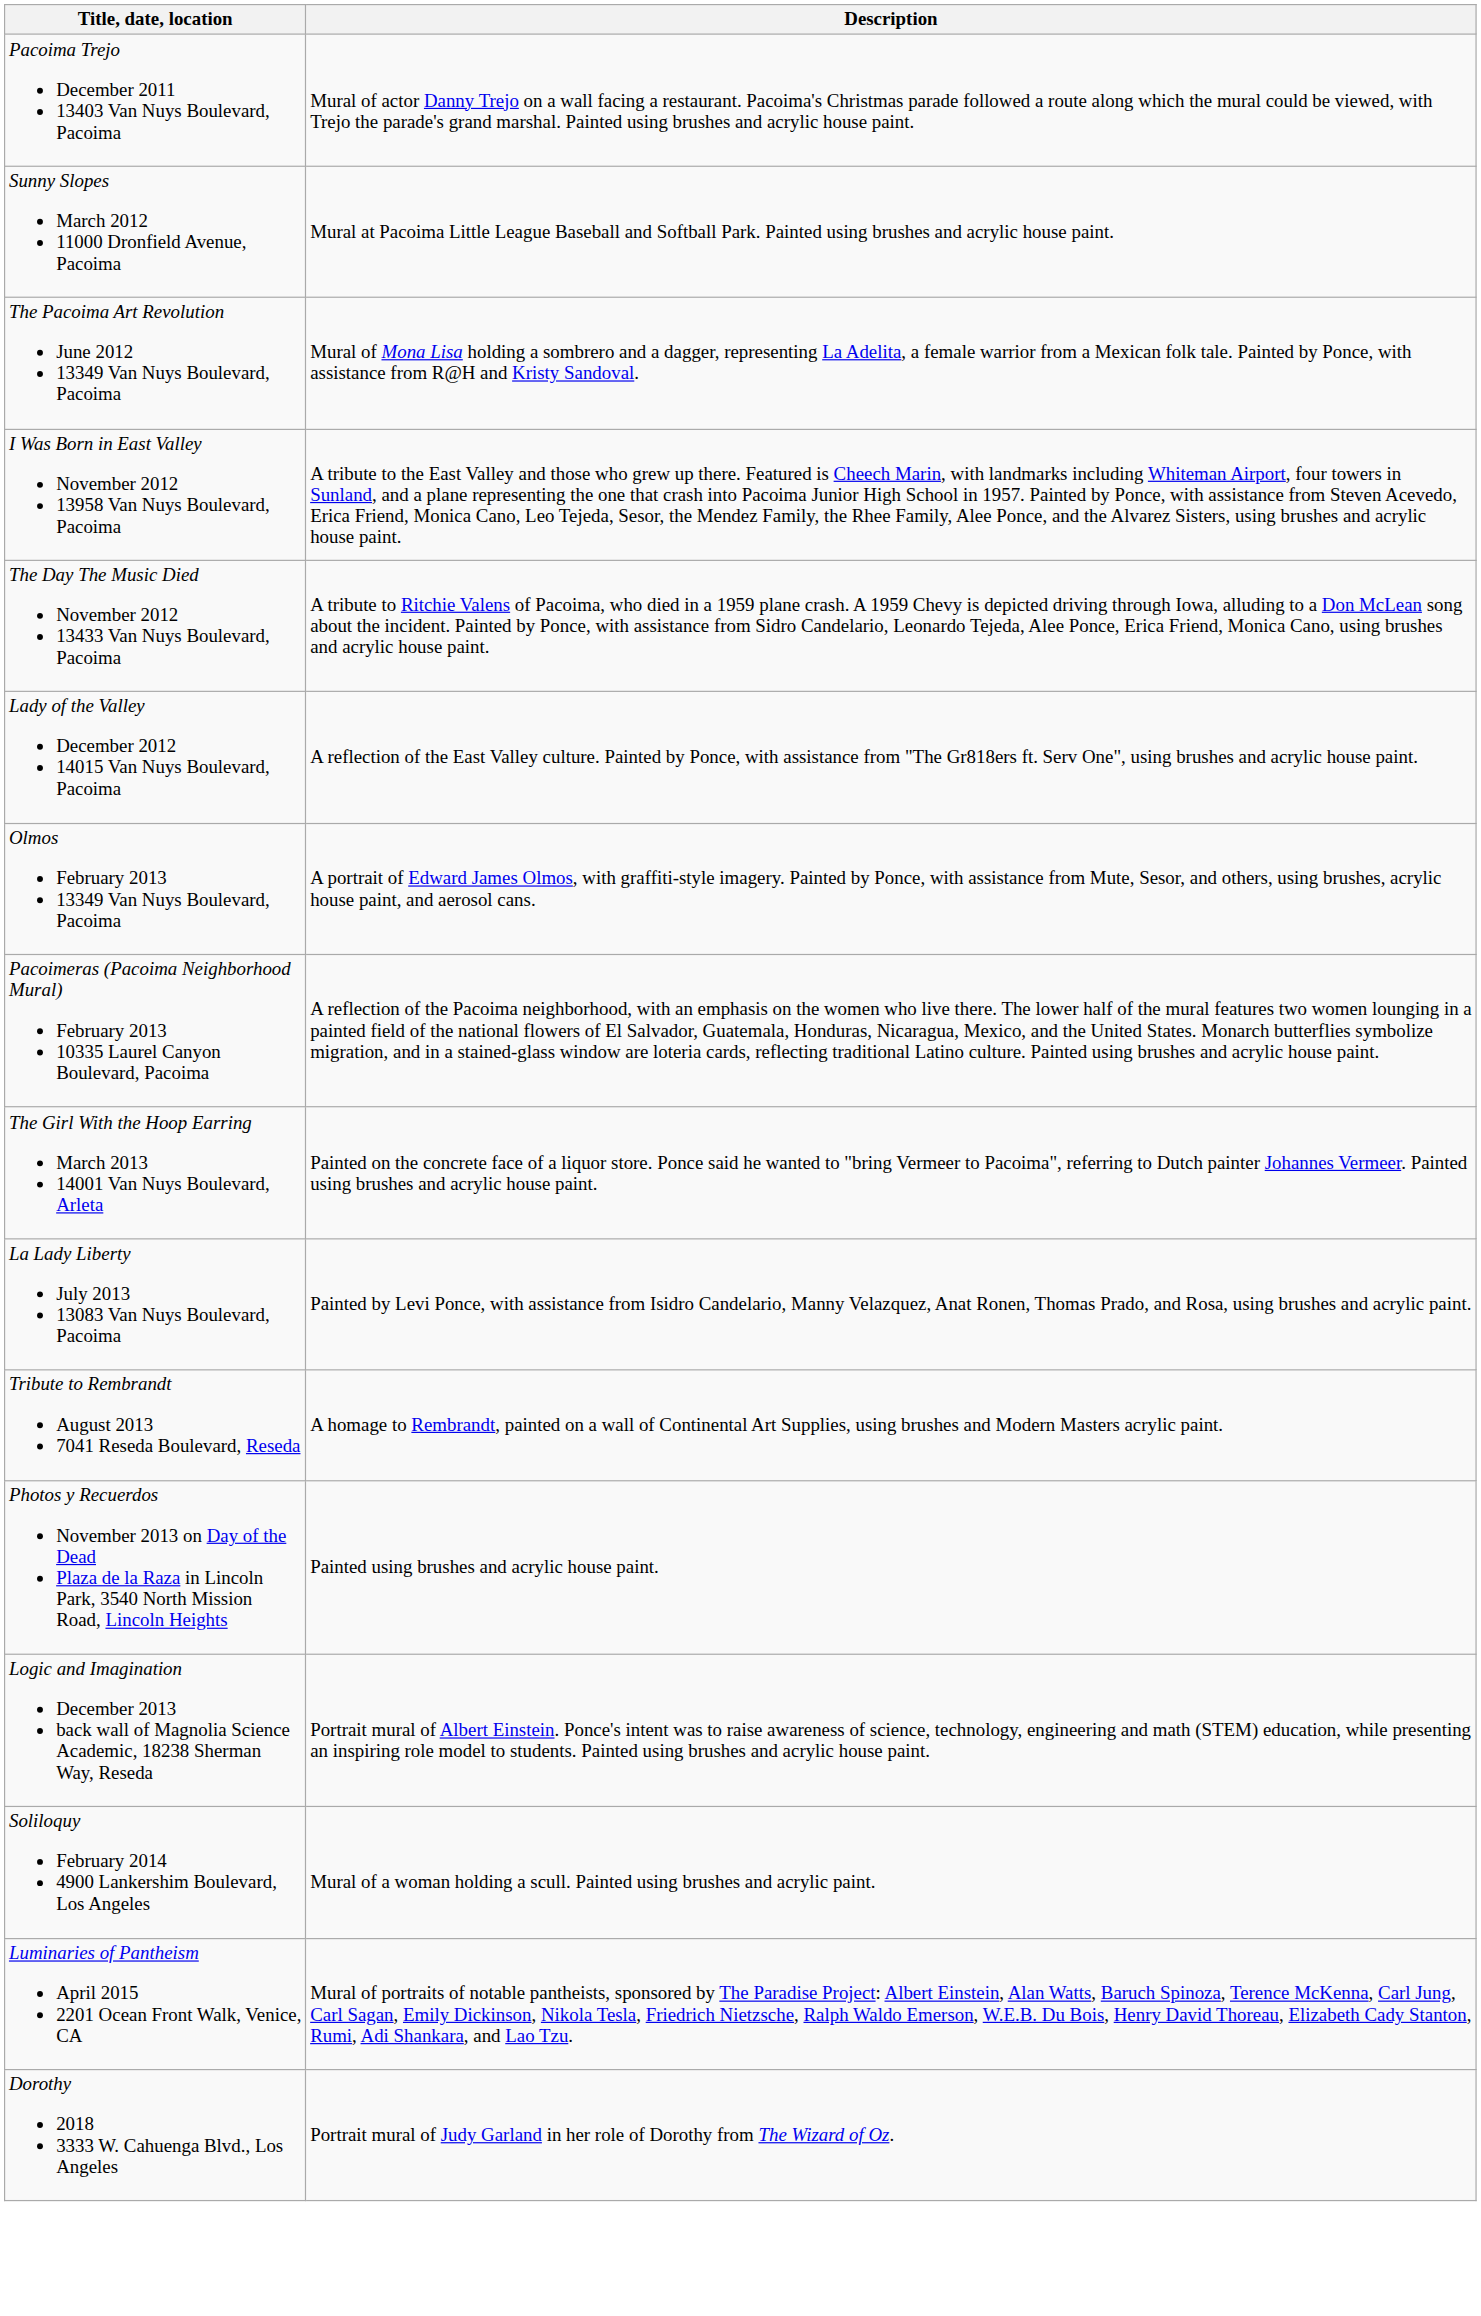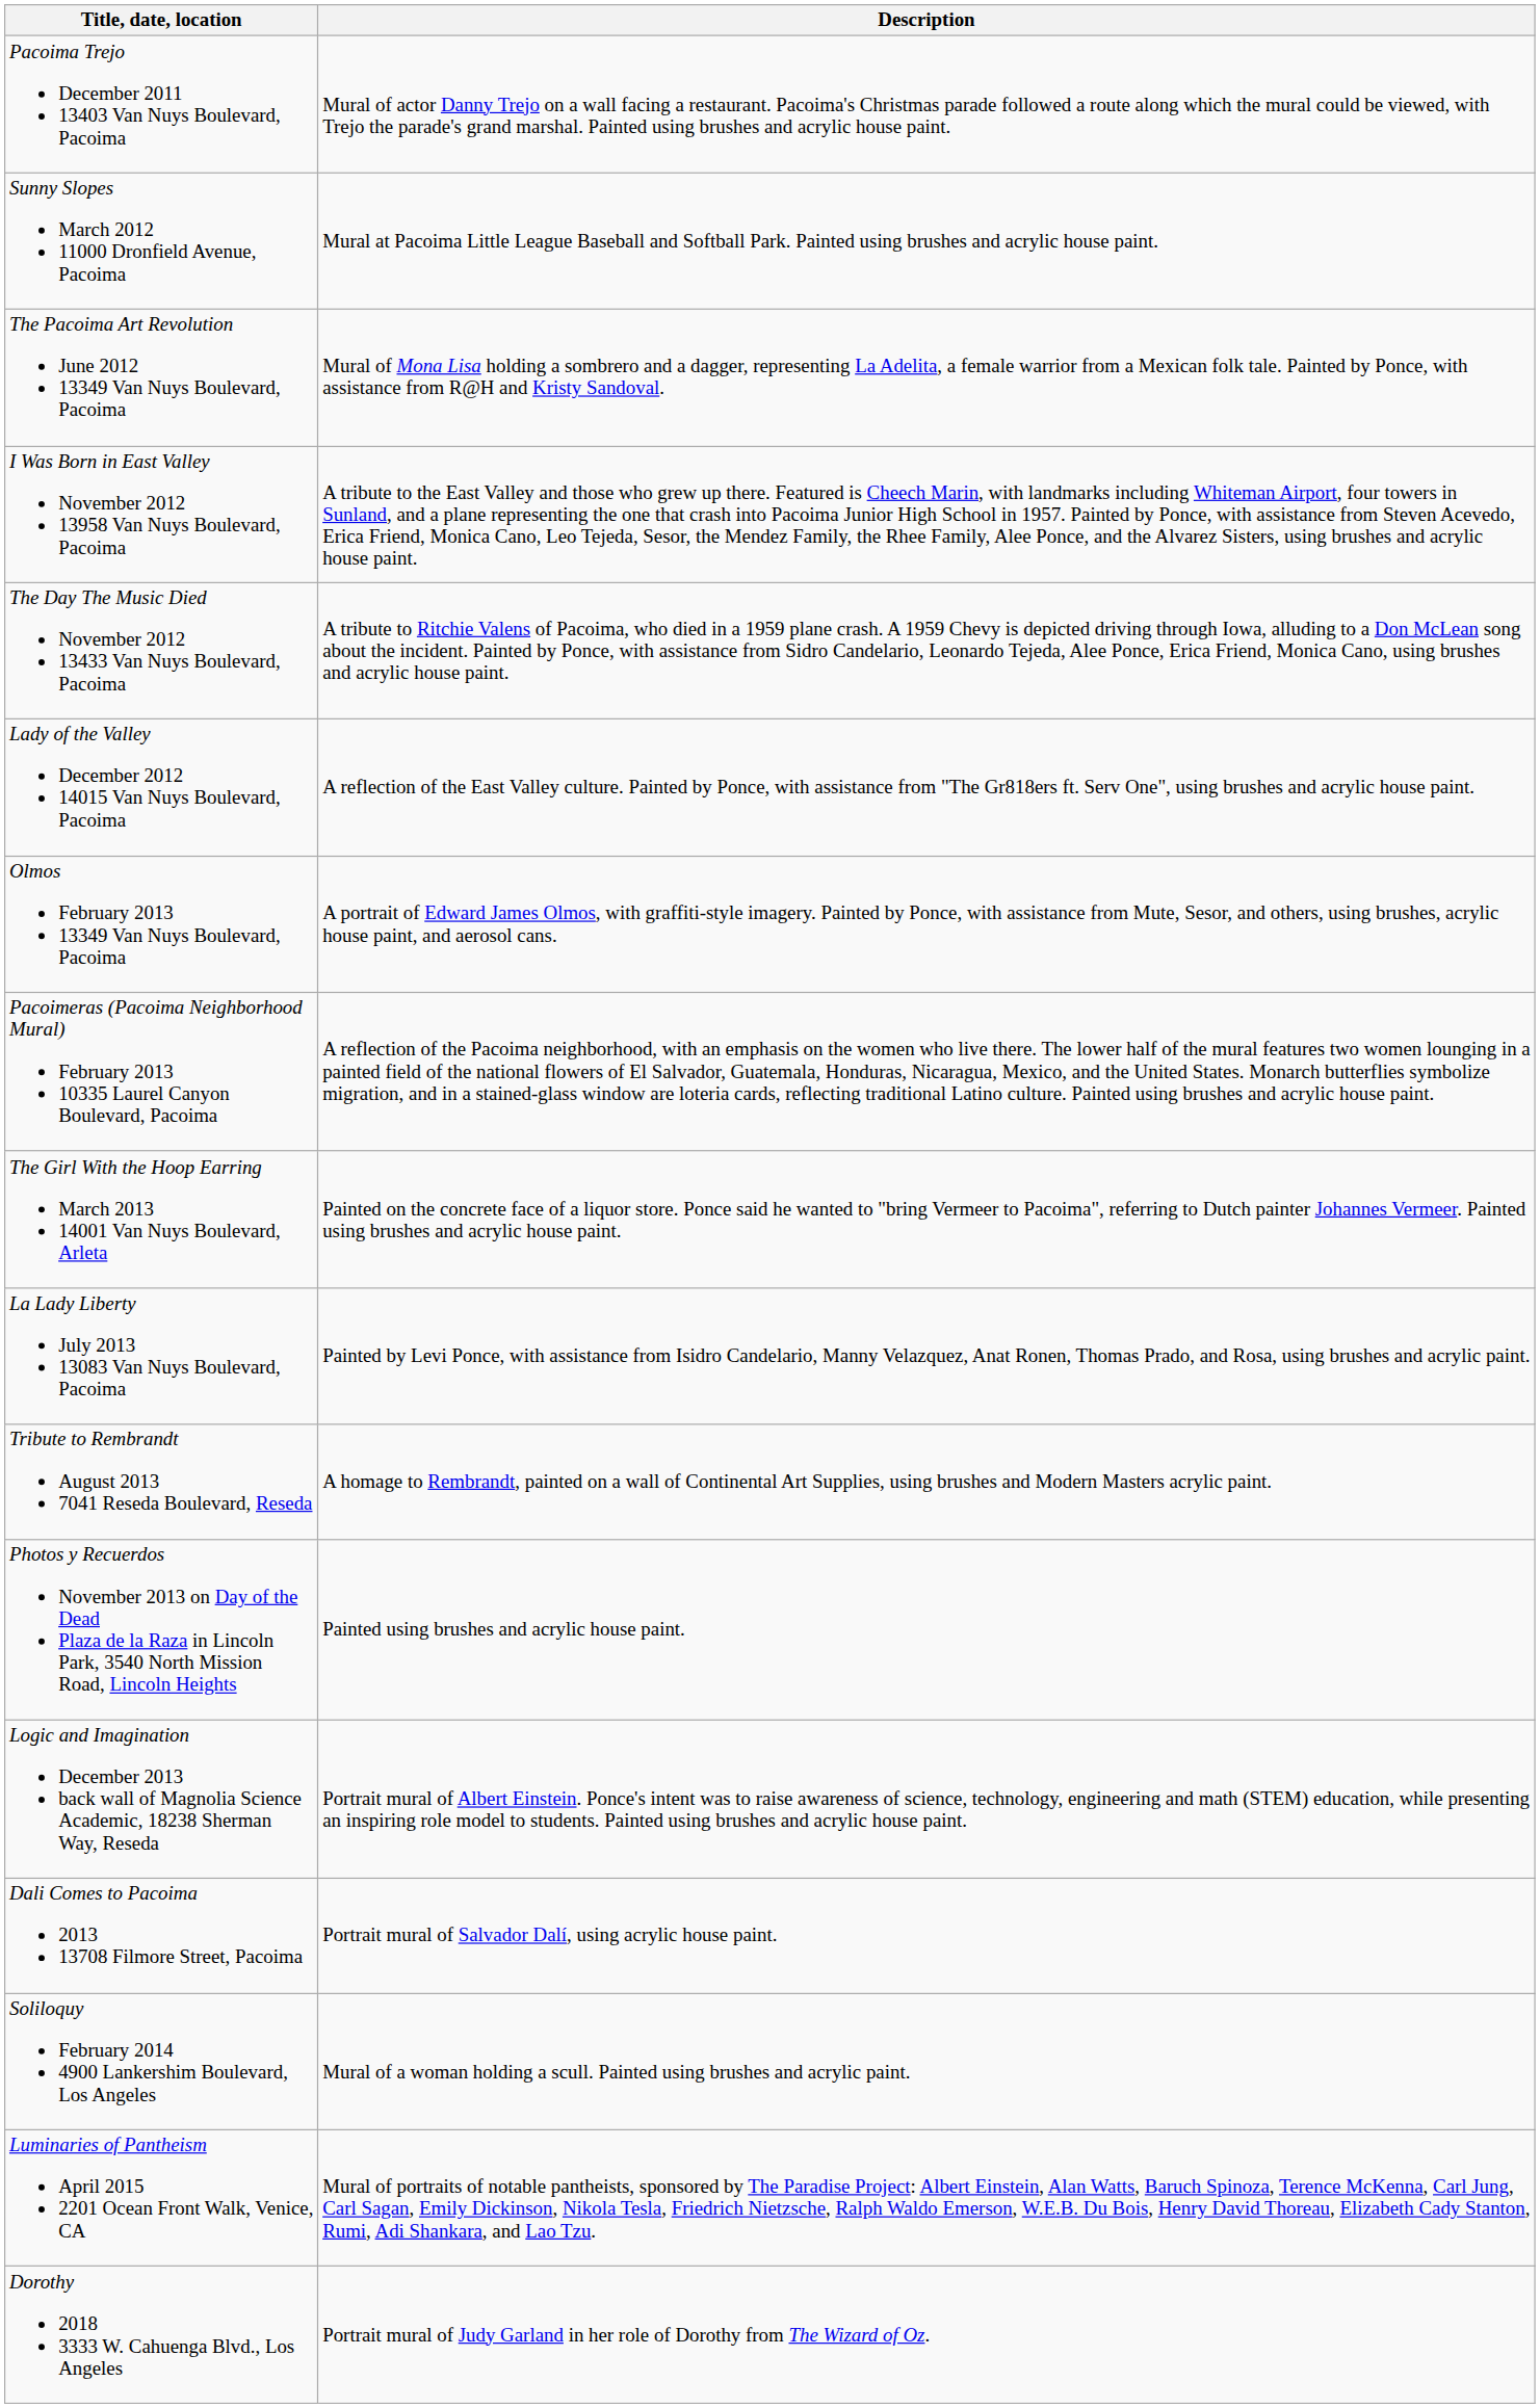 <table class="wikitable">
 <tr>
 <th>Title, date, location</th>
 <th>Description</th>
 </tr>
 <tr>
 <td><em>Pacoima Trejo</em><br><ul><li>December 2011</li><li>13403 Van Nuys Boulevard, Pacoima</li></ul></td>
 <td><br>Mural of actor <a href='#'>Danny Trejo</a> on a wall facing a restaurant.  Pacoima's Christmas parade followed a route along which the mural could be viewed, with Trejo the parade's grand marshal.  Painted using brushes and acrylic house paint.</td>
 </tr>
 <tr>
 <td><em>Sunny Slopes</em><br><ul><li>March 2012</li><li>11000 Dronfield Avenue, Pacoima</li></ul></td>
 <td>Mural at Pacoima Little League Baseball and Softball Park.  Painted using brushes and acrylic house paint.</td>
 </tr>
 <tr>
 <td><em>The Pacoima Art Revolution</em><br><ul><li>June 2012</li><li>13349 Van Nuys Boulevard, Pacoima</li></ul></td>
 <td>Mural of <em><a href='#'>Mona Lisa</a></em> holding a sombrero and a dagger, representing <a href='#'>La Adelita</a>, a female warrior from a Mexican folk tale.  Painted by Ponce, with assistance from R@H and <a href='#'>Kristy Sandoval</a>.</td>
 </tr>
 <tr>
 <td><em>I Was Born in East Valley</em><br><ul><li>November 2012</li><li>13958 Van Nuys Boulevard, Pacoima</li></ul></td>
 <td><br>A tribute to the East Valley and those who grew up there.  Featured is <a href='#'>Cheech Marin</a>, with landmarks including <a href='#'>Whiteman Airport</a>, four towers in <a href='#'>Sunland</a>, and a plane representing the one that crash into Pacoima Junior High School in 1957. Painted by Ponce, with assistance from Steven Acevedo, Erica Friend, Monica Cano, Leo Tejeda, Sesor, the Mendez Family, the Rhee Family, Alee Ponce, and the Alvarez Sisters, using brushes and acrylic house paint.</td>
 </tr>
 <tr>
 <td><em>The Day The Music Died</em><br><ul><li>November 2012</li><li>13433 Van Nuys Boulevard, Pacoima</li></ul></td>
 <td>A tribute to <a href='#'>Ritchie Valens</a> of Pacoima, who died in a 1959 plane crash.  A 1959 Chevy is depicted driving through Iowa, alluding to a <a href='#'>Don McLean</a> song about the incident.  Painted by Ponce, with assistance from Sidro Candelario, Leonardo Tejeda, Alee Ponce, Erica Friend, Monica Cano, using brushes and acrylic house paint.</td>
 </tr>
 <tr>
 <td><em>Lady of the Valley</em><br><ul><li>December 2012</li><li>14015 Van Nuys Boulevard, Pacoima</li></ul></td>
 <td>A reflection of the East Valley culture.  Painted by Ponce, with assistance from "The Gr818ers ft. Serv One", using brushes and acrylic house paint.</td>
 </tr>
 <tr>
 <td><em>Olmos</em><br><ul><li>February 2013</li><li>13349 Van Nuys Boulevard, Pacoima</li></ul></td>
 <td>A portrait of <a href='#'>Edward James Olmos</a>, with graffiti-style imagery.  Painted by Ponce, with assistance from Mute, Sesor, and others, using brushes, acrylic house paint, and aerosol cans.</td>
 </tr>
 <tr>
 <td><em>Pacoimeras (Pacoima Neighborhood Mural)</em><br><ul><li>February 2013</li><li>10335 Laurel Canyon Boulevard, Pacoima</li></ul></td>
 <td>A reflection of the Pacoima neighborhood, with an emphasis on the women who live there.  The lower half of the mural features two women lounging in a painted field of the national flowers of El Salvador, Guatemala, Honduras, Nicaragua, Mexico, and the United States.  Monarch butterflies symbolize migration, and in a stained-glass window are loteria cards, reflecting traditional Latino culture.  Painted using brushes and acrylic house paint.</td>
 </tr>
 <tr>
 <td><em>The Girl With the Hoop Earring</em><br><ul><li>March 2013</li><li>14001 Van Nuys Boulevard, <a href='#'>Arleta</a></li></ul></td>
 <td>Painted on the concrete face of a liquor store.  Ponce said he wanted to "bring Vermeer to Pacoima", referring to Dutch painter <a href='#'>Johannes Vermeer</a>.  Painted using brushes and acrylic house paint.</td>
 </tr>
 <tr>
 <td><em>La Lady Liberty</em><br><ul><li>July 2013</li><li>13083 Van Nuys Boulevard, Pacoima</li></ul></td>
 <td>Painted by Levi Ponce, with assistance from Isidro Candelario, Manny Velazquez, Anat Ronen, Thomas Prado, and Rosa, using brushes and acrylic paint.</td>
 </tr>
 <tr>
 <td><em>Tribute to Rembrandt</em><br><ul><li>August 2013</li><li>7041 Reseda Boulevard, <a href='#'>Reseda</a></li></ul></td>
 <td>A homage to <a href='#'>Rembrandt</a>, painted on a wall of Continental Art Supplies, using brushes and Modern Masters acrylic paint.</td>
 </tr>
 <tr>
 <td><em>Photos y Recuerdos</em><br><ul><li>November 2013 on <a href='#'>Day of the Dead</a></li><li><a href='#'>Plaza de la Raza</a> in Lincoln Park, 3540 North Mission Road, <a href='#'>Lincoln Heights</a></li></ul></td>
 <td>Painted using brushes and acrylic house paint.</td>
 </tr>
 <tr>
 <td><em>Logic and Imagination</em><br><ul><li>December 2013</li><li>back wall of Magnolia Science Academic, 18238 Sherman Way, Reseda</li></ul></td>
 <td><br> Portrait mural of <a href='#'>Albert Einstein</a>.  Ponce's intent was to raise awareness of science, technology, engineering and math (STEM) education, while presenting an inspiring role model to students.  Painted using brushes and acrylic house paint.</td>
 </tr>
 <tr>
+<td><em>Dali Comes to Pacoima</em><br><ul><li>2013</li><li>13708 Filmore Street, Pacoima</li></ul></td>
+<td>Portrait mural of <a href='#'>Salvador Dalí</a>, using acrylic house paint.</td>
+</tr>
+<tr>
 <td><em>Soliloquy</em><br><ul><li>February 2014</li><li>4900 Lankershim Boulevard, Los Angeles</li></ul></td>
 <td><br> Mural of a woman holding a scull.  Painted using brushes and acrylic paint.</td>
 </tr>
 <tr>
 <td><em><a href='#'>Luminaries of Pantheism</a></em><br><ul><li>April 2015</li><li>2201 Ocean Front Walk, Venice, CA</li></ul></td>
 <td><br> Mural of portraits of notable pantheists, sponsored by <a href='#'>The Paradise Project</a>: <a href='#'>Albert Einstein</a>, <a href='#'>Alan Watts</a>, <a href='#'>Baruch Spinoza</a>, <a href='#'>Terence McKenna</a>, <a href='#'>Carl Jung</a>, <a href='#'>Carl Sagan</a>, <a href='#'>Emily Dickinson</a>, <a href='#'>Nikola Tesla</a>, <a href='#'>Friedrich Nietzsche</a>, <a href='#'>Ralph Waldo Emerson</a>, <a href='#'>W.E.B. Du Bois</a>, <a href='#'>Henry David Thoreau</a>, <a href='#'>Elizabeth Cady Stanton</a>, <a href='#'>Rumi</a>, <a href='#'>Adi Shankara</a>, and <a href='#'>Lao Tzu</a>.</td>
 </tr>
 <tr>
 <td><em>Dorothy</em><br><ul><li>2018</li><li>3333 W. Cahuenga Blvd., Los Angeles</li></ul></td>
 <td>Portrait mural of <a href='#'>Judy Garland</a> in her role of Dorothy from <em><a href='#'>The Wizard of Oz</a></em>.</td>
 </tr>
 </table>
